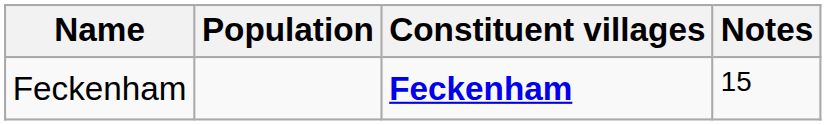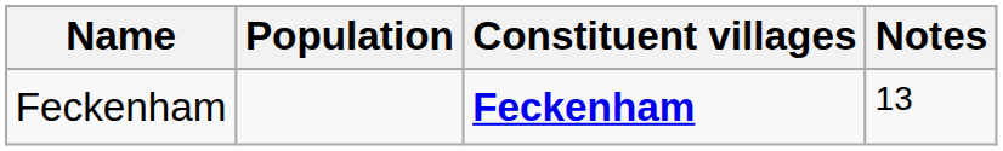 <table class="wikitable">
 <tr>
 <th>Name</th>
 <th>Population</th>
 <th>Constituent villages</th>
 <th>Notes</th>
 </tr>
 <tr>
 <td>Feckenham</td>
 <td></td>
 <td><strong><a href='#'>Feckenham</a></strong></td>
-<td><sup>15</sup></td>
+<td><sup>13</sup></td>
 </tr>
 </table>
